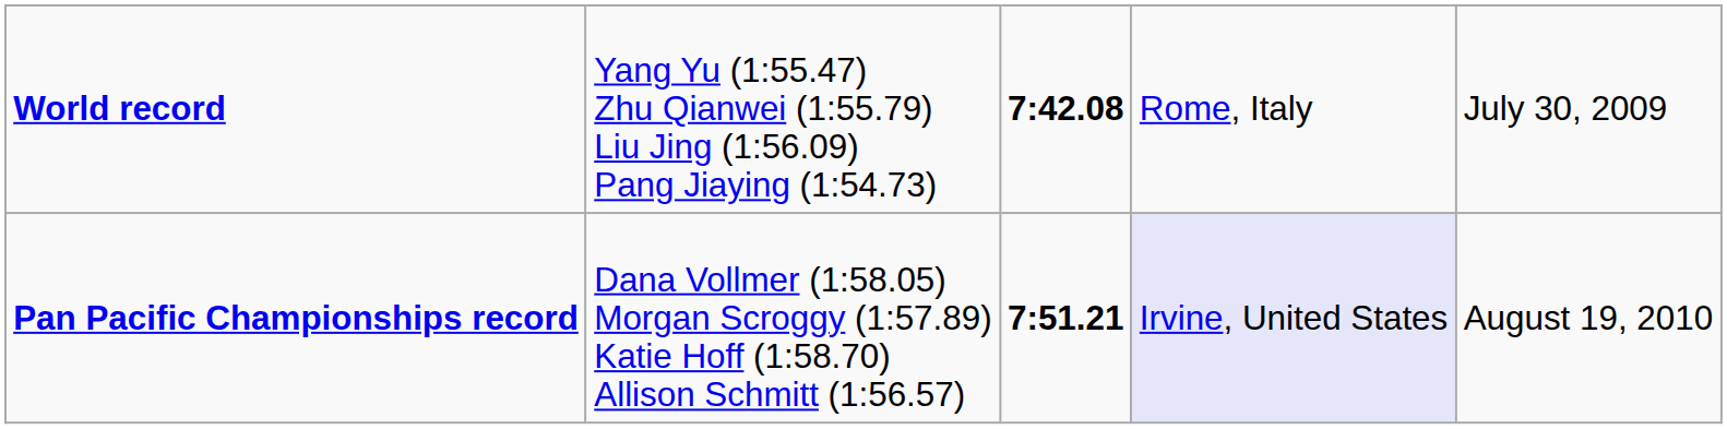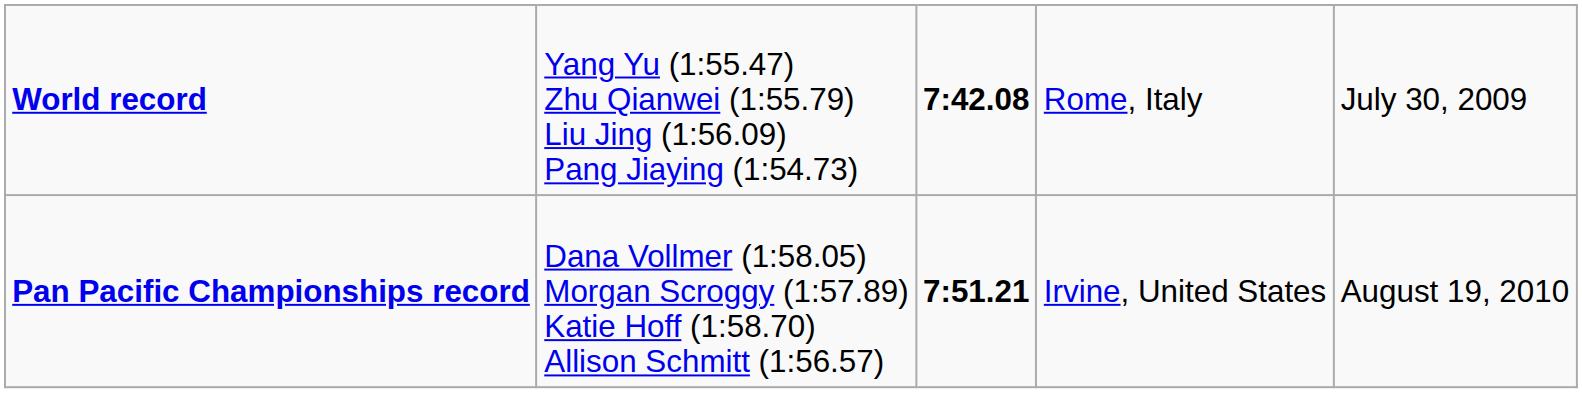 <table class="wikitable">
 <tr>
 <td><strong><a href='#'>World record</a></strong></td>
 <td><br><a href='#'>Yang Yu</a> (1:55.47)<br><a href='#'>Zhu Qianwei</a> (1:55.79)<br><a href='#'>Liu Jing</a> (1:56.09)<br><a href='#'>Pang Jiaying</a> (1:54.73)</td>
 <td><strong>7:42.08</strong></td>
 <td><a href='#'>Rome</a>, Italy</td>
 <td>July 30, 2009</td>
 </tr>
 <tr>
 <td><strong><a href='#'>Pan Pacific Championships record</a></strong></td>
 <td><br><a href='#'>Dana Vollmer</a> (1:58.05)<br><a href='#'>Morgan Scroggy</a> (1:57.89)<br><a href='#'>Katie Hoff</a> (1:58.70)<br><a href='#'>Allison Schmitt</a> (1:56.57)</td>
 <td><strong>7:51.21</strong></td>
-<td style="background: lavender;"><a href='#'>Irvine</a>, United States</td>
+<td><a href='#'>Irvine</a>, United States</td>
 <td>August 19, 2010</td>
 </tr>
 </table>
